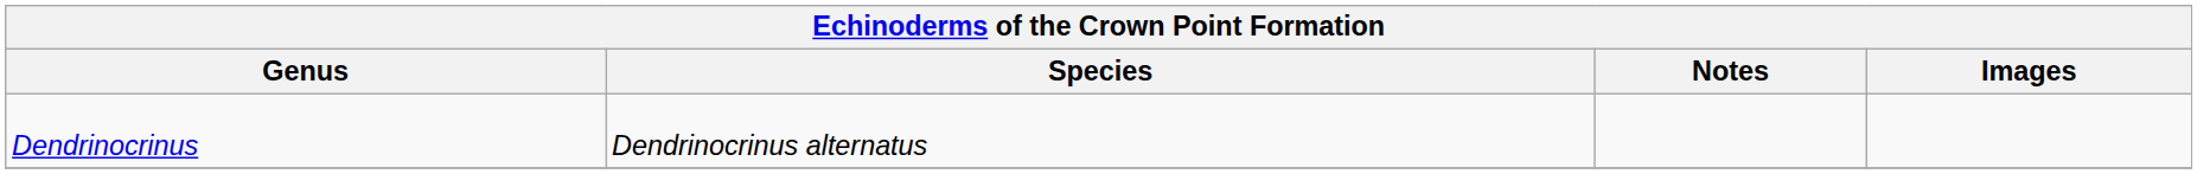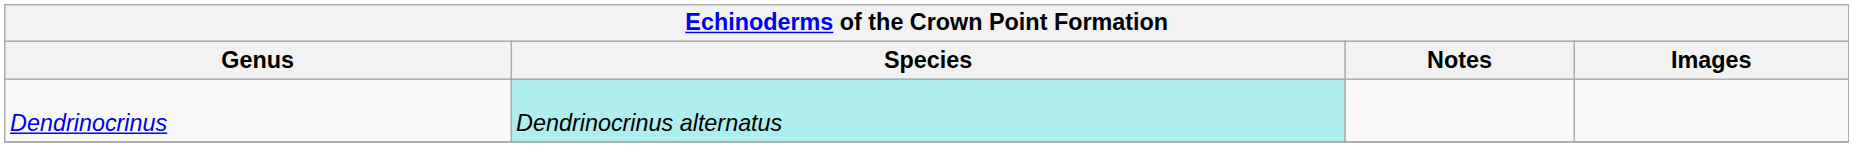 <table class="wikitable" align="center" width="100%">
 <tr>
 <th colspan="7" align="center"><strong><a href='#'>Echinoderms</a> of the Crown Point Formation</strong></th>
 </tr>
 <tr>
 <th>Genus</th>
 <th>Species</th>
 <th>Notes</th>
 <th>Images</th>
 </tr>
 <tr>
 <td><br><em><a href='#'>Dendrinocrinus</a></em></td>
-<td><br><em>Dendrinocrinus alternatus</em></td>
+<td style="background: paleturquoise;"><br><em>Dendrinocrinus alternatus</em></td>
 <td></td>
 <td></td>
 </tr>
 <tr>
 </tr>
 </table>
